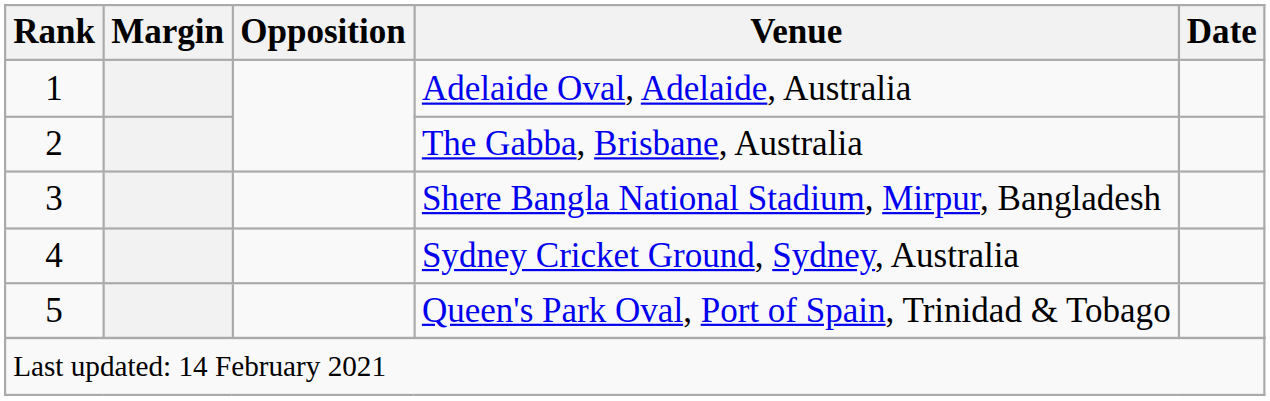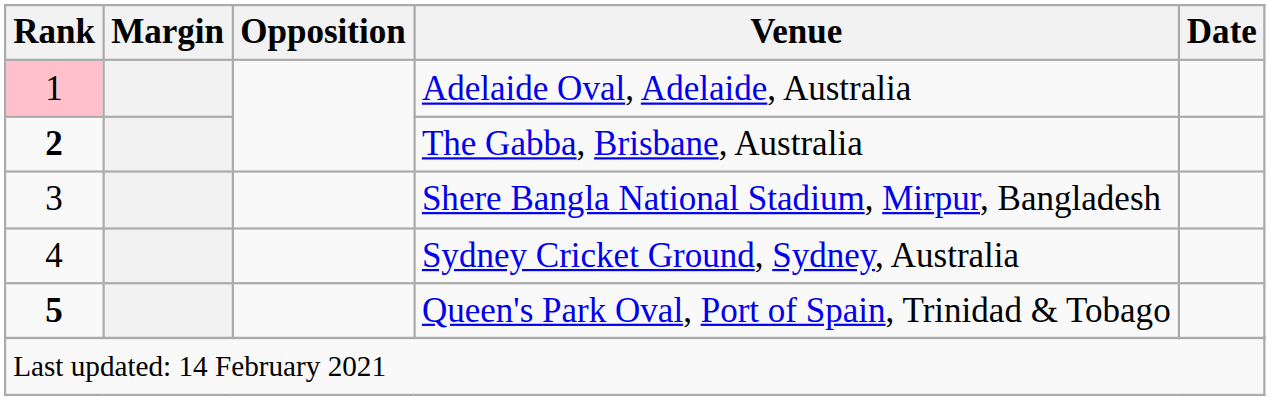 <table class="wikitable plainrowheaders sortable">
 <tr>
 <th scope=col>Rank</th>
 <th scope=col>Margin</th>
 <th scope=col>Opposition</th>
 <th scope=col>Venue</th>
 <th scope=col>Date</th>
 </tr>
 <tr>
-<td align=center>1</td>
+<td align=center style="background: pink;">1</td>
 <th scope=row style=text-align:center;></th>
 <td rowspan=2></td>
 <td><a href='#'>Adelaide Oval</a>, <a href='#'>Adelaide</a>, Australia</td>
 <td></td>
 </tr>
 <tr>
-<td align=center>2</td>
+<td align=center><strong>2</strong></td>
 <th scope=row style=text-align:center;></th>
 <td><a href='#'>The Gabba</a>, <a href='#'>Brisbane</a>, Australia</td>
 <td></td>
 </tr>
 <tr>
 <td align=center>3</td>
 <th scope=row style=text-align:center;></th>
 <td></td>
 <td><a href='#'>Shere Bangla National Stadium</a>, <a href='#'>Mirpur</a>, Bangladesh</td>
 <td></td>
 </tr>
 <tr>
 <td align=center>4</td>
 <th scope=row style=text-align:center;></th>
 <td></td>
 <td><a href='#'>Sydney Cricket Ground</a>, <a href='#'>Sydney</a>, Australia</td>
 <td></td>
 </tr>
 <tr>
-<td align=center>5</td>
+<td align=center><strong>5</strong></td>
 <th scope=row style=text-align:center;></th>
 <td></td>
 <td><a href='#'>Queen's Park Oval</a>, <a href='#'>Port of Spain</a>, Trinidad & Tobago</td>
 <td></td>
 </tr>
 <tr>
 </tr>
 <tr class=sortbottom>
 <td colspan=5><small>Last updated: 14 February 2021</small></td>
 </tr>
 </table>
